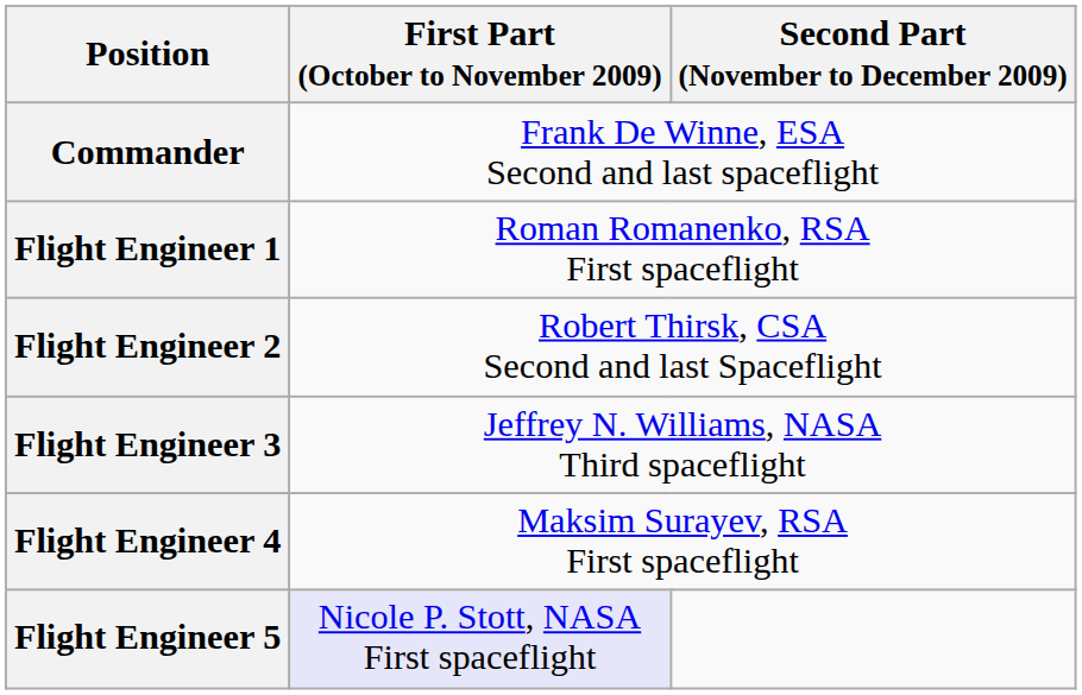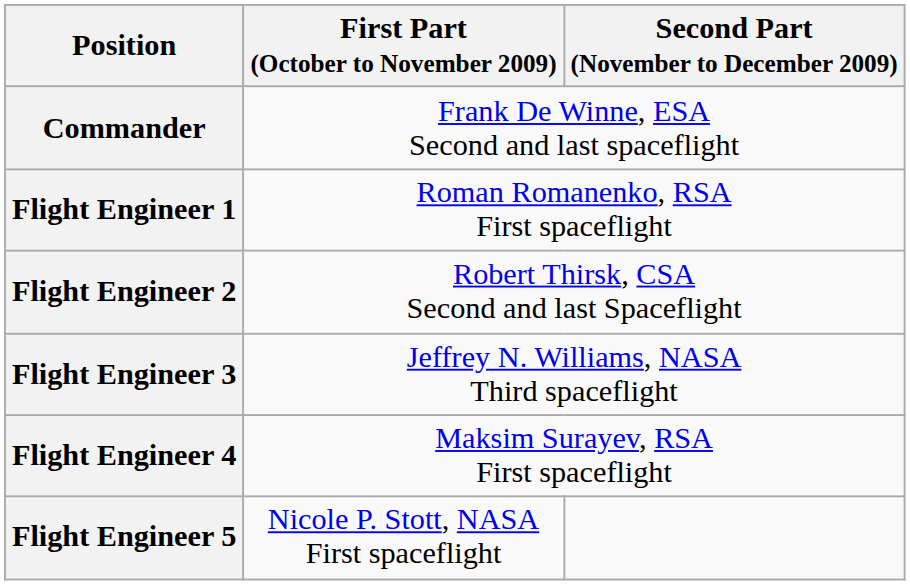 <table class="wikitable">
 <tr>
 <th>Position</th>
 <th>First Part<br><small>(October to November 2009)</small></th>
 <th>Second Part<br><small>(November to December 2009)</small></th>
 </tr>
 <tr>
 <th>Commander</th>
 <td colspan=3 align=center> <a href='#'>Frank De Winne</a>, <a href='#'>ESA</a><br>Second and last spaceflight</td>
 </tr>
 <tr>
 <th>Flight Engineer 1</th>
 <td colspan=3 align=center> <a href='#'>Roman Romanenko</a>, <a href='#'>RSA</a><br>First spaceflight</td>
 </tr>
 <tr>
 <th>Flight Engineer 2</th>
 <td colspan=3 align=center> <a href='#'>Robert Thirsk</a>, <a href='#'>CSA</a><br>Second and last Spaceflight</td>
 </tr>
 <tr>
 <th>Flight Engineer 3</th>
 <td align=center colspan=3> <a href='#'>Jeffrey N. Williams</a>, <a href='#'>NASA</a><br>Third spaceflight</td>
 </tr>
 <tr>
 <th>Flight Engineer 4</th>
 <td align=center colspan=3> <a href='#'>Maksim Surayev</a>, <a href='#'>RSA</a><br>First spaceflight</td>
 </tr>
 <tr>
 <th>Flight Engineer 5</th>
-<td align=center style="background: lavender;"> <a href='#'>Nicole P. Stott</a>, <a href='#'>NASA</a><br>First spaceflight</td>
+<td align=center> <a href='#'>Nicole P. Stott</a>, <a href='#'>NASA</a><br>First spaceflight</td>
 <td></td>
 </tr>
 </table>
